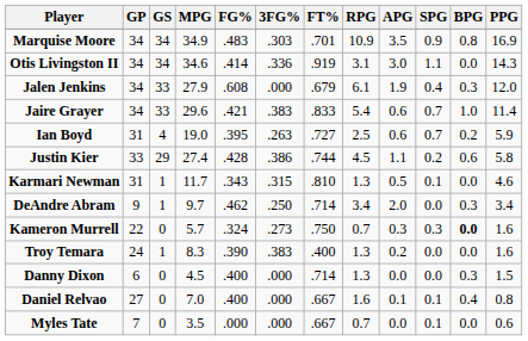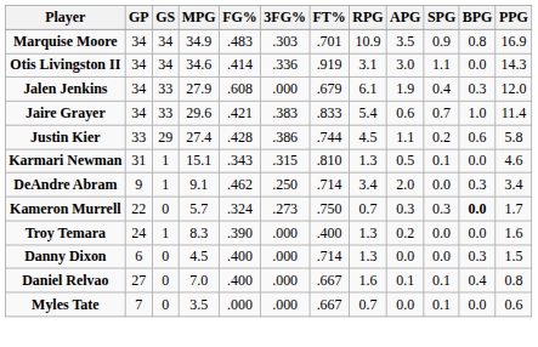 <table class="wikitable sortable" style="font-size: 90%">
 <tr>
 <th>Player</th>
 <th>GP</th>
 <th>GS</th>
 <th>MPG</th>
 <th>FG%</th>
 <th>3FG%</th>
 <th>FT%</th>
 <th>RPG</th>
 <th>APG</th>
 <th>SPG</th>
 <th>BPG</th>
 <th>PPG</th>
 </tr>
 <tr align="center" bgcolor="">
 </tr>
 <tr align="center" bgcolor="">
 <td><strong>Marquise Moore</strong></td>
 <td>34</td>
 <td>34</td>
 <td>34.9</td>
 <td>.483</td>
 <td>.303</td>
 <td>.701</td>
 <td>10.9</td>
 <td>3.5</td>
 <td>0.9</td>
 <td>0.8</td>
 <td>16.9</td>
 </tr>
 <tr align="center" bgcolor="">
 <td><strong>Otis Livingston II</strong></td>
 <td>34</td>
 <td>34</td>
 <td>34.6</td>
 <td>.414</td>
 <td>.336</td>
 <td>.919</td>
 <td>3.1</td>
 <td>3.0</td>
 <td>1.1</td>
 <td>0.0</td>
 <td>14.3</td>
 </tr>
 <tr align="center" bgcolor="">
 <td><strong>Jalen Jenkins</strong></td>
 <td>34</td>
 <td>33</td>
 <td>27.9</td>
 <td>.608</td>
 <td>.000</td>
 <td>.679</td>
 <td>6.1</td>
 <td>1.9</td>
 <td>0.4</td>
 <td>0.3</td>
 <td>12.0</td>
 </tr>
 <tr align="center" bgcolor="">
 <td><strong>Jaire Grayer</strong></td>
 <td>34</td>
 <td>33</td>
 <td>29.6</td>
 <td>.421</td>
 <td>.383</td>
 <td>.833</td>
 <td>5.4</td>
 <td>0.6</td>
 <td>0.7</td>
 <td>1.0</td>
 <td>11.4</td>
 </tr>
 <tr align="center" bgcolor="">
-<td><strong>Ian Boyd</strong></td>
-<td>31</td>
-<td>4</td>
-<td>19.0</td>
-<td>.395</td>
-<td>.263</td>
-<td>.727</td>
-<td>2.5</td>
-<td>0.6</td>
-<td>0.7</td>
-<td>0.2</td>
-<td>5.9</td>
-</tr>
-<tr align="center" bgcolor="">
 <td><strong>Justin Kier</strong></td>
 <td>33</td>
 <td>29</td>
 <td>27.4</td>
 <td>.428</td>
 <td>.386</td>
 <td>.744</td>
 <td>4.5</td>
 <td>1.1</td>
 <td>0.2</td>
 <td>0.6</td>
 <td>5.8</td>
 </tr>
 <tr align="center" bgcolor="">
 <td><strong>Karmari Newman</strong></td>
 <td>31</td>
 <td>1</td>
-<td>11.7</td>
+<td>15.1</td>
 <td>.343</td>
 <td>.315</td>
 <td>.810</td>
 <td>1.3</td>
 <td>0.5</td>
 <td>0.1</td>
 <td>0.0</td>
 <td>4.6</td>
 </tr>
 <tr align="center" bgcolor="">
 <td><strong>DeAndre Abram</strong></td>
 <td>9</td>
 <td>1</td>
-<td>9.7</td>
+<td>9.1</td>
 <td>.462</td>
 <td>.250</td>
 <td>.714</td>
 <td>3.4</td>
 <td>2.0</td>
 <td>0.0</td>
 <td>0.3</td>
 <td>3.4</td>
 </tr>
 <tr align="center" bgcolor="">
 <td><strong>Kameron Murrell</strong></td>
 <td>22</td>
 <td>0</td>
 <td>5.7</td>
 <td>.324</td>
 <td>.273</td>
 <td>.750</td>
 <td>0.7</td>
 <td>0.3</td>
 <td>0.3</td>
 <td><strong>0.0</strong></td>
-<td>1.6</td>
+<td>1.7</td>
 </tr>
 <tr align="center" bgcolor="">
 <td><strong>Troy Temara</strong></td>
 <td>24</td>
 <td>1</td>
 <td>8.3</td>
 <td>.390</td>
-<td>.383</td>
+<td>.000</td>
 <td>.400</td>
 <td>1.3</td>
 <td>0.2</td>
 <td>0.0</td>
 <td>0.0</td>
 <td>1.6</td>
 </tr>
 <tr align="center" bgcolor="">
 <td><strong>Danny Dixon</strong></td>
 <td>6</td>
 <td>0</td>
 <td>4.5</td>
 <td>.400</td>
 <td>.000</td>
 <td>.714</td>
 <td>1.3</td>
 <td>0.0</td>
 <td>0.0</td>
 <td>0.3</td>
 <td>1.5</td>
 </tr>
 <tr align="center" bgcolor="">
 <td><strong>Daniel Relvao</strong></td>
 <td>27</td>
 <td>0</td>
 <td>7.0</td>
 <td>.400</td>
 <td>.000</td>
 <td>.667</td>
 <td>1.6</td>
 <td>0.1</td>
 <td>0.1</td>
 <td>0.4</td>
 <td>0.8</td>
 </tr>
 <tr align="center" bgcolor="">
 <td><strong>Myles Tate</strong></td>
 <td>7</td>
 <td>0</td>
 <td>3.5</td>
 <td>.000</td>
 <td>.000</td>
 <td>.667</td>
 <td>0.7</td>
 <td>0.0</td>
 <td>0.1</td>
 <td>0.0</td>
 <td>0.6</td>
 </tr>
 </table>
